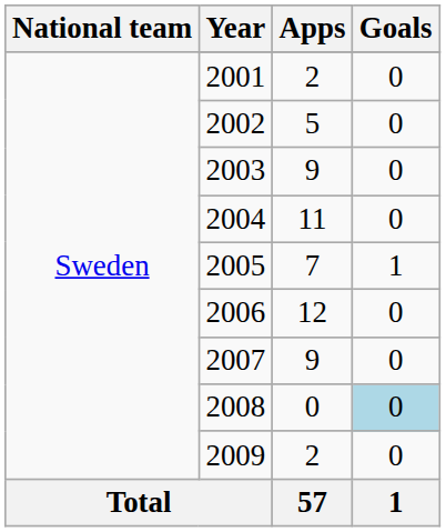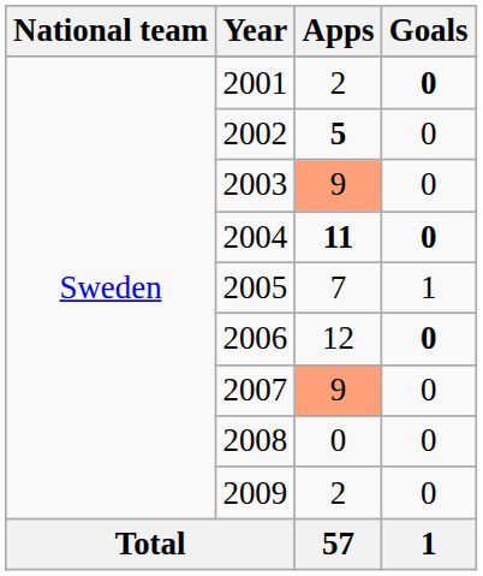 <table class="wikitable" style="text-align:center">
 <tr>
 <th>National team</th>
 <th>Year</th>
 <th>Apps</th>
 <th>Goals</th>
 </tr>
 <tr>
 <td rowspan="10"><a href='#'>Sweden</a></td>
 </tr>
 <tr>
 <td>2001</td>
 <td>2</td>
-<td>0</td>
+<td><strong>0</strong></td>
 </tr>
 <tr>
 <td>2002</td>
-<td>5</td>
+<td><strong>5</strong></td>
 <td>0</td>
 </tr>
 <tr>
 <td>2003</td>
-<td>9</td>
+<td style="background: lightsalmon;">9</td>
 <td>0</td>
 </tr>
 <tr>
 <td>2004</td>
-<td>11</td>
-<td>0</td>
+<td><strong>11</strong></td>
+<td><strong>0</strong></td>
 </tr>
 <tr>
 <td>2005</td>
 <td>7</td>
 <td>1</td>
 </tr>
 <tr>
 <td>2006</td>
 <td>12</td>
-<td>0</td>
+<td><strong>0</strong></td>
 </tr>
 <tr>
 <td>2007</td>
-<td>9</td>
+<td style="background: lightsalmon;">9</td>
 <td>0</td>
 </tr>
 <tr>
 <td>2008</td>
 <td>0</td>
-<td style="background: lightblue;">0</td>
+<td>0</td>
 </tr>
 <tr>
 <td>2009</td>
 <td>2</td>
 <td>0</td>
 </tr>
 <tr>
 <th colspan="2">Total</th>
 <th>57</th>
 <th>1</th>
 </tr>
 </table>
